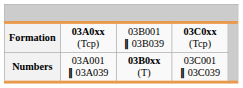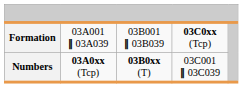 <table class="wikitable" style="text-align:center; font-size:90%;">
 <tr>
 <th colspan="5" style="background-color:#ccc;"> </th>
 </tr>
 <tr style="border-top:solid 4px #e9994a;">
 <th style="width:5em">Formation</th>
-<td style="width:5em"><strong>03A0xx</strong><br>(Tcp)</td>
+<td align="center">03A001<br><strong>∥</strong> 03A039</td>
 <td align="center">03B001<br><strong>∥</strong> 03B039</td>
 <td style="width:5em"><strong>03C0xx</strong><br>(Tcp)</td>
 <th rowspan="2" style="width:0.5em; background-color:#ccc;"></th>
 </tr>
 <tr style="border-bottom:solid 4px #e9994a;">
 <th>Numbers</th>
-<td align="center">03A001<br><strong>∥</strong> 03A039</td>
+<td style="width:5em"><strong>03A0xx</strong><br>(Tcp)</td>
 <td style="width:5em"><strong>03B0xx</strong><br>(T)</td>
 <td align="center">03C001<br><strong>∥</strong> 03C039</td>
 </tr>
 </table>
